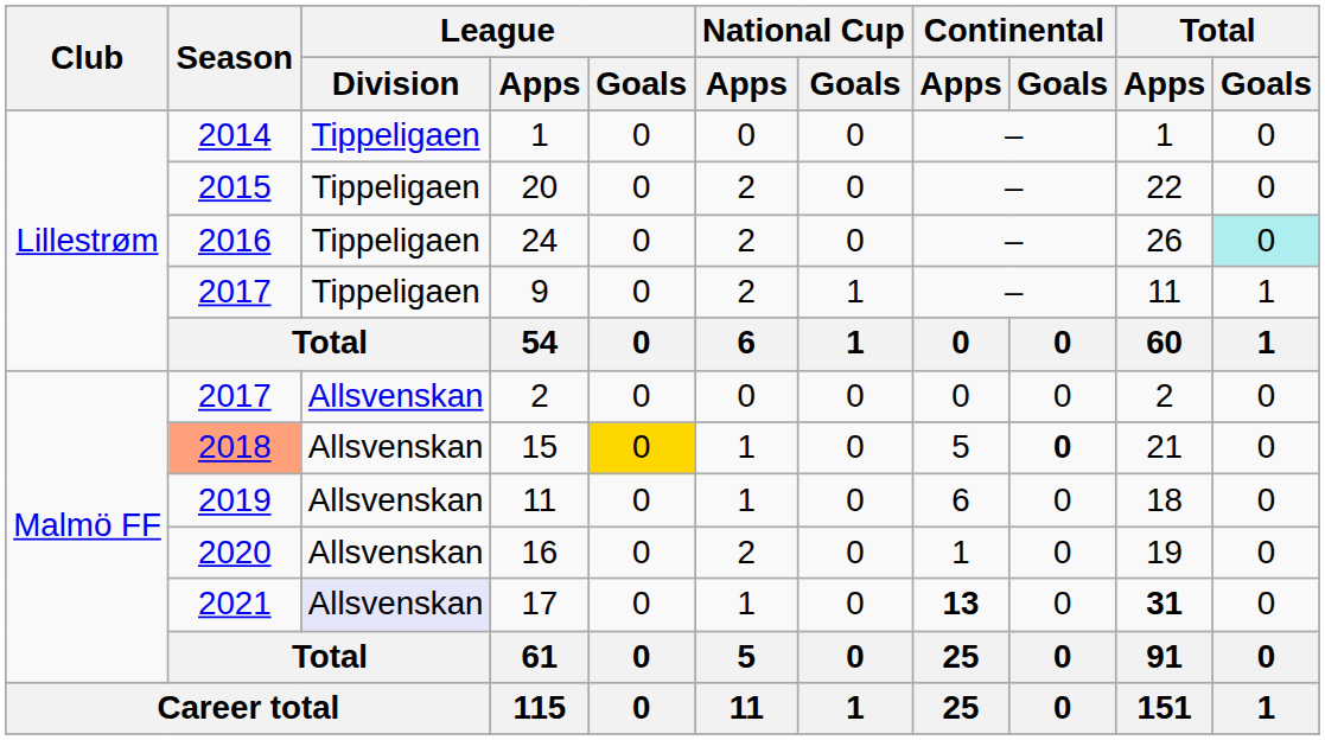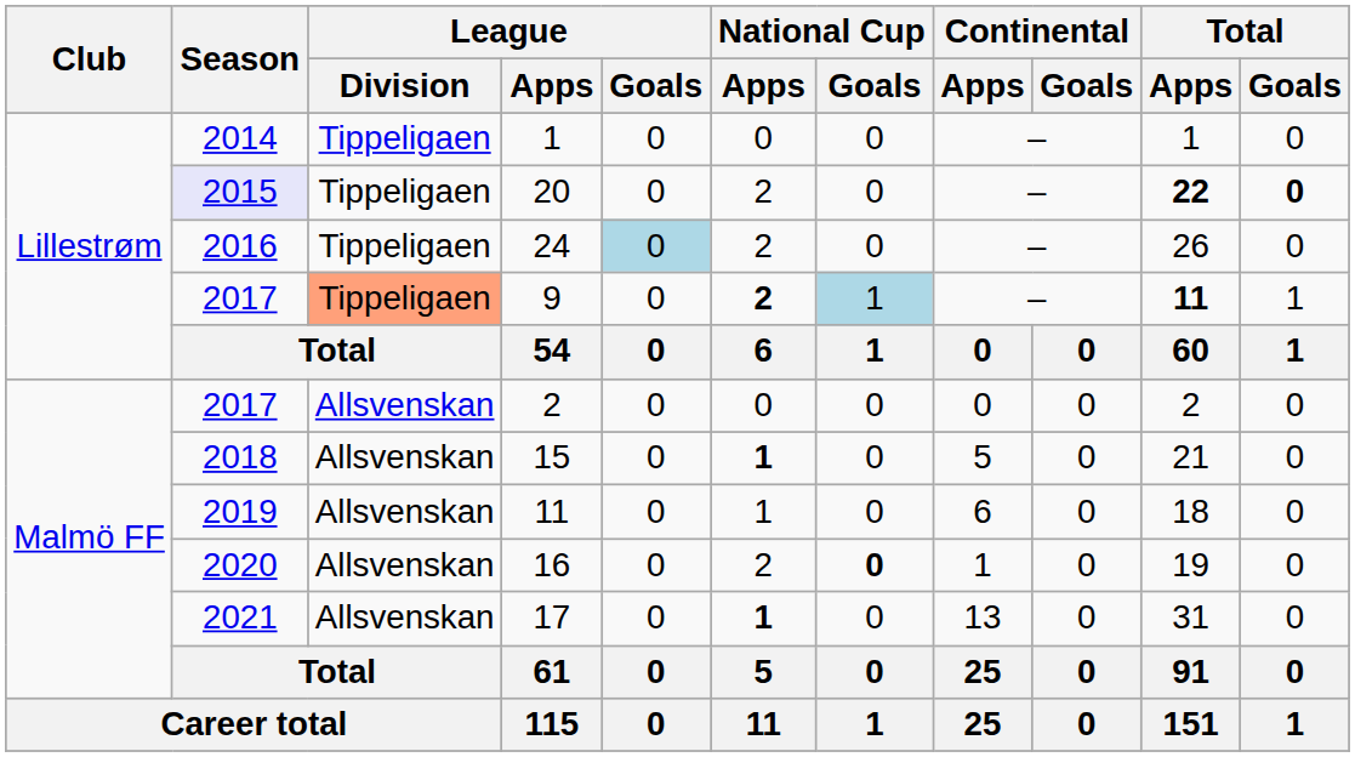 <table class="wikitable" style="text-align:center">
 <tr>
 <th rowspan="2">Club</th>
 <th rowspan="2">Season</th>
 <th colspan="3">League</th>
 <th colspan="2">National Cup</th>
 <th colspan="2">Continental</th>
 <th colspan="2">Total</th>
 </tr>
 <tr>
 <th>Division</th>
 <th>Apps</th>
 <th>Goals</th>
 <th>Apps</th>
 <th>Goals</th>
 <th>Apps</th>
 <th>Goals</th>
 <th>Apps</th>
 <th>Goals</th>
 </tr>
 <tr>
 <td rowspan="5"><a href='#'>Lillestrøm</a></td>
 <td><a href='#'>2014</a></td>
 <td><a href='#'>Tippeligaen</a></td>
 <td>1</td>
 <td>0</td>
 <td>0</td>
 <td>0</td>
 <td colspan="2">–</td>
 <td>1</td>
 <td>0</td>
 </tr>
 <tr>
-<td><a href='#'>2015</a></td>
+<td style="background: lavender;"><a href='#'>2015</a></td>
 <td>Tippeligaen</td>
 <td>20</td>
 <td>0</td>
 <td>2</td>
 <td>0</td>
 <td colspan="2">–</td>
-<td>22</td>
-<td>0</td>
+<td><strong>22</strong></td>
+<td><strong>0</strong></td>
 </tr>
 <tr>
 <td><a href='#'>2016</a></td>
 <td>Tippeligaen</td>
 <td>24</td>
-<td>0</td>
+<td style="background: lightblue;">0</td>
 <td>2</td>
 <td>0</td>
 <td colspan="2">–</td>
 <td>26</td>
-<td style="background: paleturquoise;">0</td>
+<td>0</td>
 </tr>
 <tr>
 <td><a href='#'>2017</a></td>
-<td>Tippeligaen</td>
+<td style="background: lightsalmon;">Tippeligaen</td>
 <td>9</td>
 <td>0</td>
-<td>2</td>
-<td>1</td>
+<td><strong>2</strong></td>
+<td style="background: lightblue;">1</td>
 <td colspan="2">–</td>
-<td>11</td>
+<td><strong>11</strong></td>
 <td>1</td>
 </tr>
 <tr>
 <th colspan="2">Total</th>
 <th>54</th>
 <th>0</th>
 <th>6</th>
 <th>1</th>
 <th>0</th>
 <th>0</th>
 <th>60</th>
 <th>1</th>
 </tr>
 <tr>
 <td rowspan="6"><a href='#'>Malmö FF</a></td>
 <td><a href='#'>2017</a></td>
 <td><a href='#'>Allsvenskan</a></td>
 <td>2</td>
 <td>0</td>
 <td>0</td>
 <td>0</td>
 <td>0</td>
 <td>0</td>
 <td>2</td>
 <td>0</td>
 </tr>
 <tr>
-<td style="background: lightsalmon;"><a href='#'>2018</a></td>
+<td><a href='#'>2018</a></td>
 <td>Allsvenskan</td>
 <td>15</td>
-<td style="background: gold;">0</td>
-<td>1</td>
+<td>0</td>
+<td><strong>1</strong></td>
 <td>0</td>
 <td>5</td>
-<td><strong>0</strong></td>
+<td>0</td>
 <td>21</td>
 <td>0</td>
 </tr>
 <tr>
 <td><a href='#'>2019</a></td>
 <td>Allsvenskan</td>
 <td>11</td>
 <td>0</td>
 <td>1</td>
 <td>0</td>
 <td>6</td>
 <td>0</td>
 <td>18</td>
 <td>0</td>
 </tr>
 <tr>
 <td><a href='#'>2020</a></td>
 <td>Allsvenskan</td>
 <td>16</td>
 <td>0</td>
 <td>2</td>
-<td>0</td>
+<td><strong>0</strong></td>
 <td>1</td>
 <td>0</td>
 <td>19</td>
 <td>0</td>
 </tr>
 <tr>
 <td><a href='#'>2021</a></td>
-<td style="background: lavender;">Allsvenskan</td>
+<td>Allsvenskan</td>
 <td>17</td>
 <td>0</td>
-<td>1</td>
+<td><strong>1</strong></td>
 <td>0</td>
-<td><strong>13</strong></td>
+<td>13</td>
 <td>0</td>
-<td><strong>31</strong></td>
+<td>31</td>
 <td>0</td>
 </tr>
 <tr>
 <th colspan="2">Total</th>
 <th>61</th>
 <th>0</th>
 <th>5</th>
 <th>0</th>
 <th>25</th>
 <th>0</th>
 <th>91</th>
 <th>0</th>
 </tr>
 <tr>
 <th colspan="3">Career total</th>
 <th>115</th>
 <th>0</th>
 <th>11</th>
 <th>1</th>
 <th>25</th>
 <th>0</th>
 <th>151</th>
 <th>1</th>
 </tr>
 </table>
